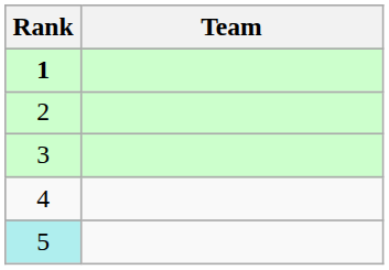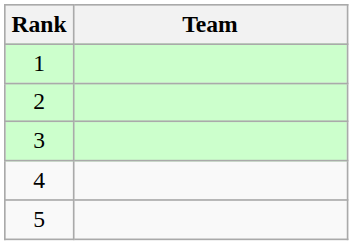 <table class="wikitable" style="text-align: center; font-size:90% ">
 <tr>
 <th width=35>Rank</th>
 <th width=160>Team</th>
 </tr>
 <tr bgcolor=ccffcc>
-<td><strong>1</strong></td>
+<td>1</td>
 <td align=left></td>
 </tr>
 <tr bgcolor=ccffcc>
 <td>2</td>
 <td align=left></td>
 </tr>
 <tr bgcolor=ccffcc>
 <td>3</td>
 <td align=left></td>
 </tr>
 <tr>
 <td>4</td>
 <td align=left></td>
 </tr>
 <tr>
-<td style="background: paleturquoise;">5</td>
+<td>5</td>
 <td align=left></td>
 </tr>
 </table>
